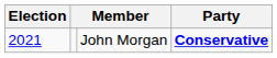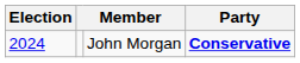 <table class="wikitable">
 <tr>
 <th>Election</th>
 <th colspan="2">Member</th>
 <th>Party</th>
 </tr>
 <tr>
-<td><a href='#'>2021</a></td>
+<td><a href='#'>2024</a></td>
 <td rowspan="1" style="background-color: "></td>
 <td rowspan="1">John Morgan</td>
 <td rowspan="1"><strong><a href='#'>Conservative</a></strong></td>
 </tr>
 </table>
